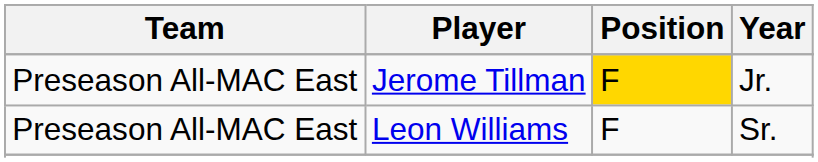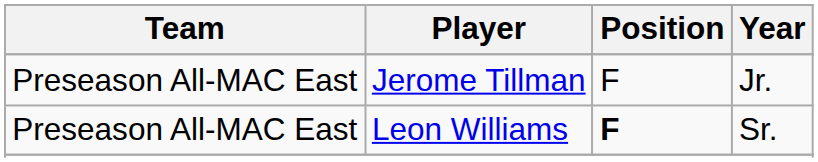 <table class="wikitable" border="1">
 <tr align=center>
 <th style= >Team</th>
 <th style= >Player</th>
 <th style= >Position</th>
 <th style= >Year</th>
 </tr>
 <tr align="center">
 </tr>
 <tr>
 <td>Preseason All-MAC East</td>
 <td><a href='#'>Jerome Tillman</a></td>
-<td style="background: gold;">F</td>
+<td>F</td>
 <td>Jr.</td>
 </tr>
 <tr>
 <td>Preseason All-MAC East</td>
 <td><a href='#'>Leon Williams</a></td>
-<td>F</td>
+<td><strong>F</strong></td>
 <td>Sr.</td>
 </tr>
 <tr>
 </tr>
 <tr>
 </tr>
 </table>
